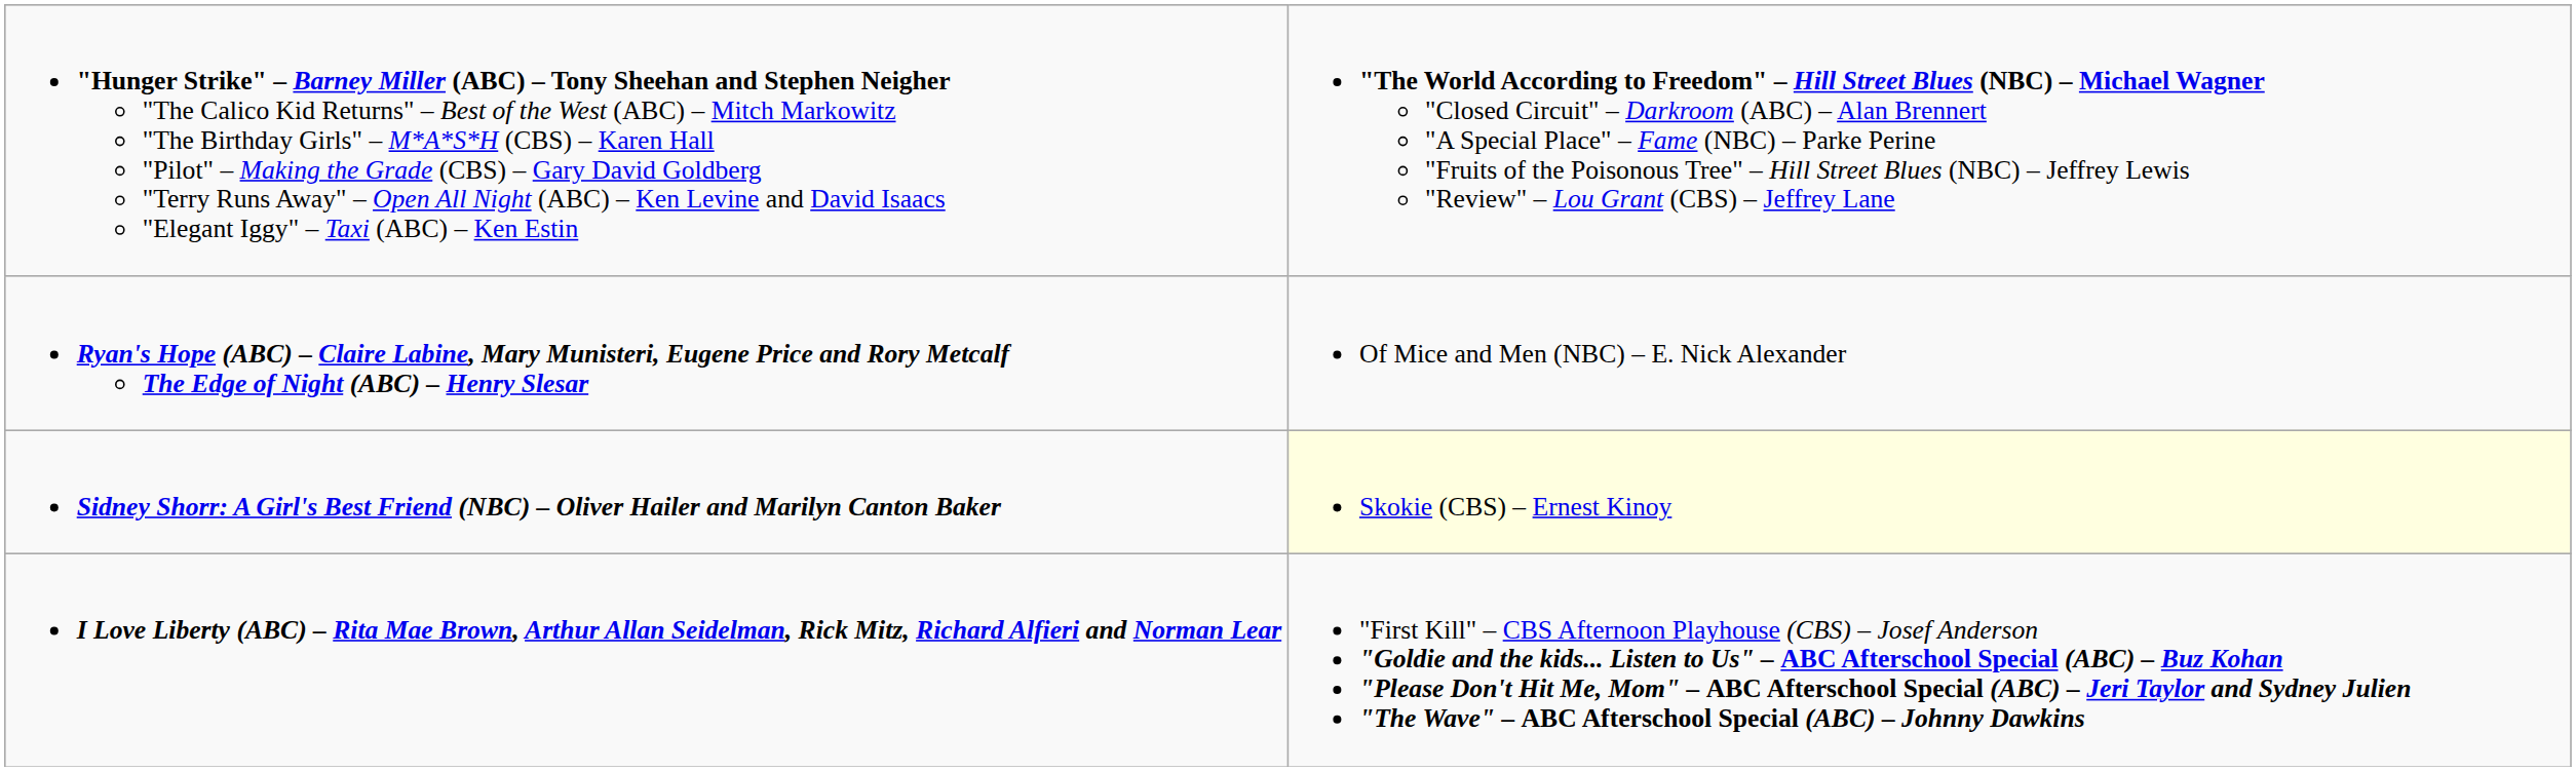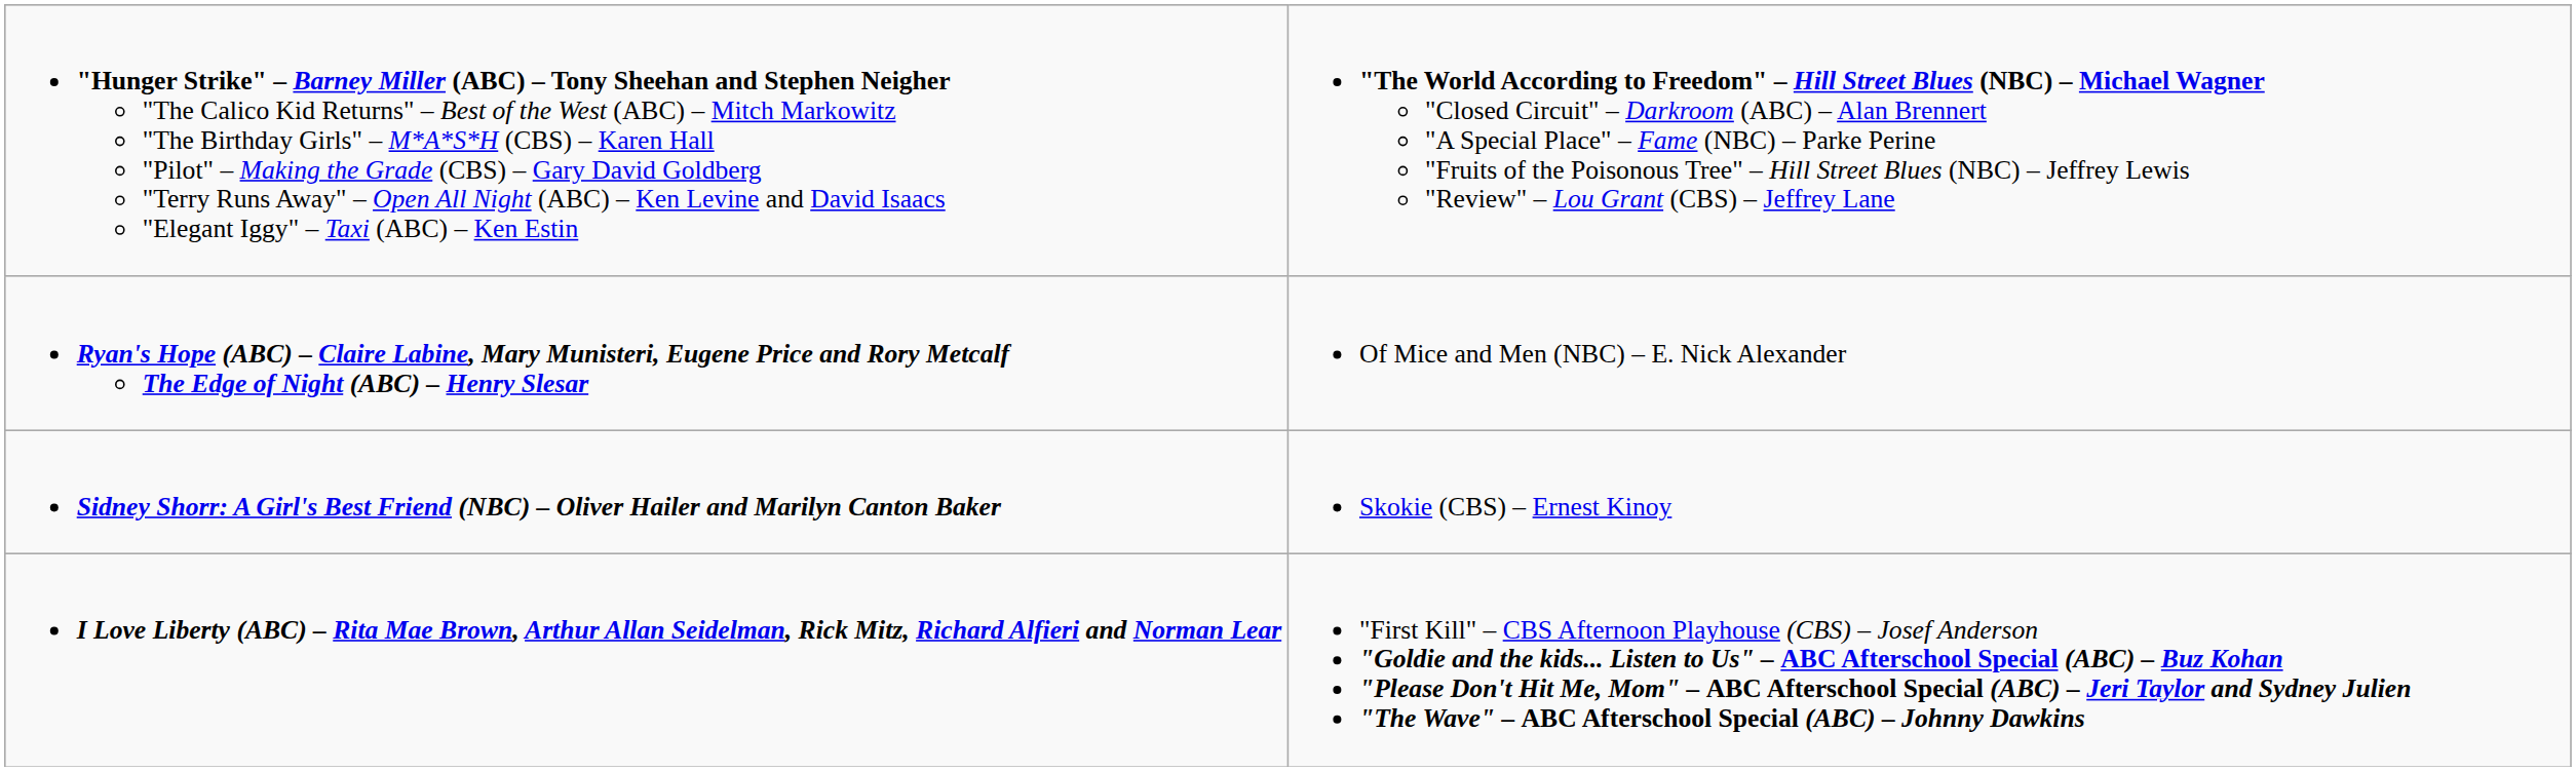 <table class="wikitable">
 <tr>
 <td valign="top" width="50%"><br><ul><li><strong>"Hunger Strike" – <em><a href='#'>Barney Miller</a></em> (ABC) – Tony Sheehan and Stephen Neigher</strong><ul><li>"The Calico Kid Returns" – <em>Best of the West</em> (ABC) – <a href='#'>Mitch Markowitz</a></li><li>"The Birthday Girls" – <em><a href='#'>M*A*S*H</a></em> (CBS) – <a href='#'>Karen Hall</a></li><li>"Pilot" – <em><a href='#'>Making the Grade</a></em> (CBS) – <a href='#'>Gary David Goldberg</a></li><li>"Terry Runs Away" – <em><a href='#'>Open All Night</a></em> (ABC) – <a href='#'>Ken Levine</a> and <a href='#'>David Isaacs</a></li><li>"Elegant Iggy" – <em><a href='#'>Taxi</a></em> (ABC) – <a href='#'>Ken Estin</a></li></ul></li></ul></td>
 <td valign="top" width="50%"><br><ul><li><strong>"The World According to Freedom" – <em><a href='#'>Hill Street Blues</a></em> (NBC) – <a href='#'>Michael Wagner</a></strong><ul><li>"Closed Circuit" – <em><a href='#'>Darkroom</a></em> (ABC) – <a href='#'>Alan Brennert</a></li><li>"A Special Place" – <em><a href='#'>Fame</a></em> (NBC) – Parke Perine</li><li>"Fruits of the Poisonous Tree" – <em>Hill Street Blues</em> (NBC) – Jeffrey Lewis</li><li>"Review" – <em><a href='#'>Lou Grant</a></em> (CBS) – <a href='#'>Jeffrey Lane</a></li></ul></li></ul></td>
 </tr>
 <tr>
 <td valign="top" width="50%"><br><ul><li><strong><em><a href='#'>Ryan's Hope</a><em> (ABC) – <a href='#'>Claire Labine</a>, Mary Munisteri, Eugene Price and Rory Metcalf<strong><ul><li></em><a href='#'>The Edge of Night</a><em> (ABC) – <a href='#'>Henry Slesar</a></li></ul></li></ul></td>
 <td valign="top" width="50%"><strong><br><ul><li></em></strong>Of Mice and Men</em> (NBC) – E. Nick Alexander</strong></li></ul></strong></td>
 </tr>
 <tr>
 <td valign="top" width="50%"><br><ul><li><strong><em><a href='#'>Sidney Shorr: A Girl's Best Friend</a><em> (NBC) – Oliver Hailer and Marilyn Canton Baker<strong></li></ul></td>
-<td valign="top" width="50%" style="background: lightyellow;"><br><ul><li></em></strong><a href='#'>Skokie</a></em> (CBS) – <a href='#'>Ernest Kinoy</a></strong></li></ul></td>
+<td valign="top" width="50%"><br><ul><li></em></strong><a href='#'>Skokie</a></em> (CBS) – <a href='#'>Ernest Kinoy</a></strong></li></ul></td>
 </tr>
 <tr>
 <td valign="top" width="50%"><br><ul><li><strong><em>I Love Liberty<em> (ABC) – <a href='#'>Rita Mae Brown</a>, <a href='#'>Arthur Allan Seidelman</a>, Rick Mitz, <a href='#'>Richard Alfieri</a> and <a href='#'>Norman Lear</a><strong></li></ul></td>
 <td valign="top" width="50%"><br><ul><li></strong>"First Kill" – </em><a href='#'>CBS Afternoon Playhouse</a><em> (CBS) – Josef Anderson<strong></li><li>"Goldie and the kids... Listen to Us" – </em><a href='#'>ABC Afterschool Special</a><em> (ABC) – <a href='#'>Buz Kohan</a></li><li>"Please Don't Hit Me, Mom" – </em>ABC Afterschool Special<em> (ABC) – <a href='#'>Jeri Taylor</a> and Sydney Julien</li><li>"The Wave" – </em>ABC Afterschool Special<em> (ABC) – Johnny Dawkins</li></ul></td>
 </tr>
 </table>
